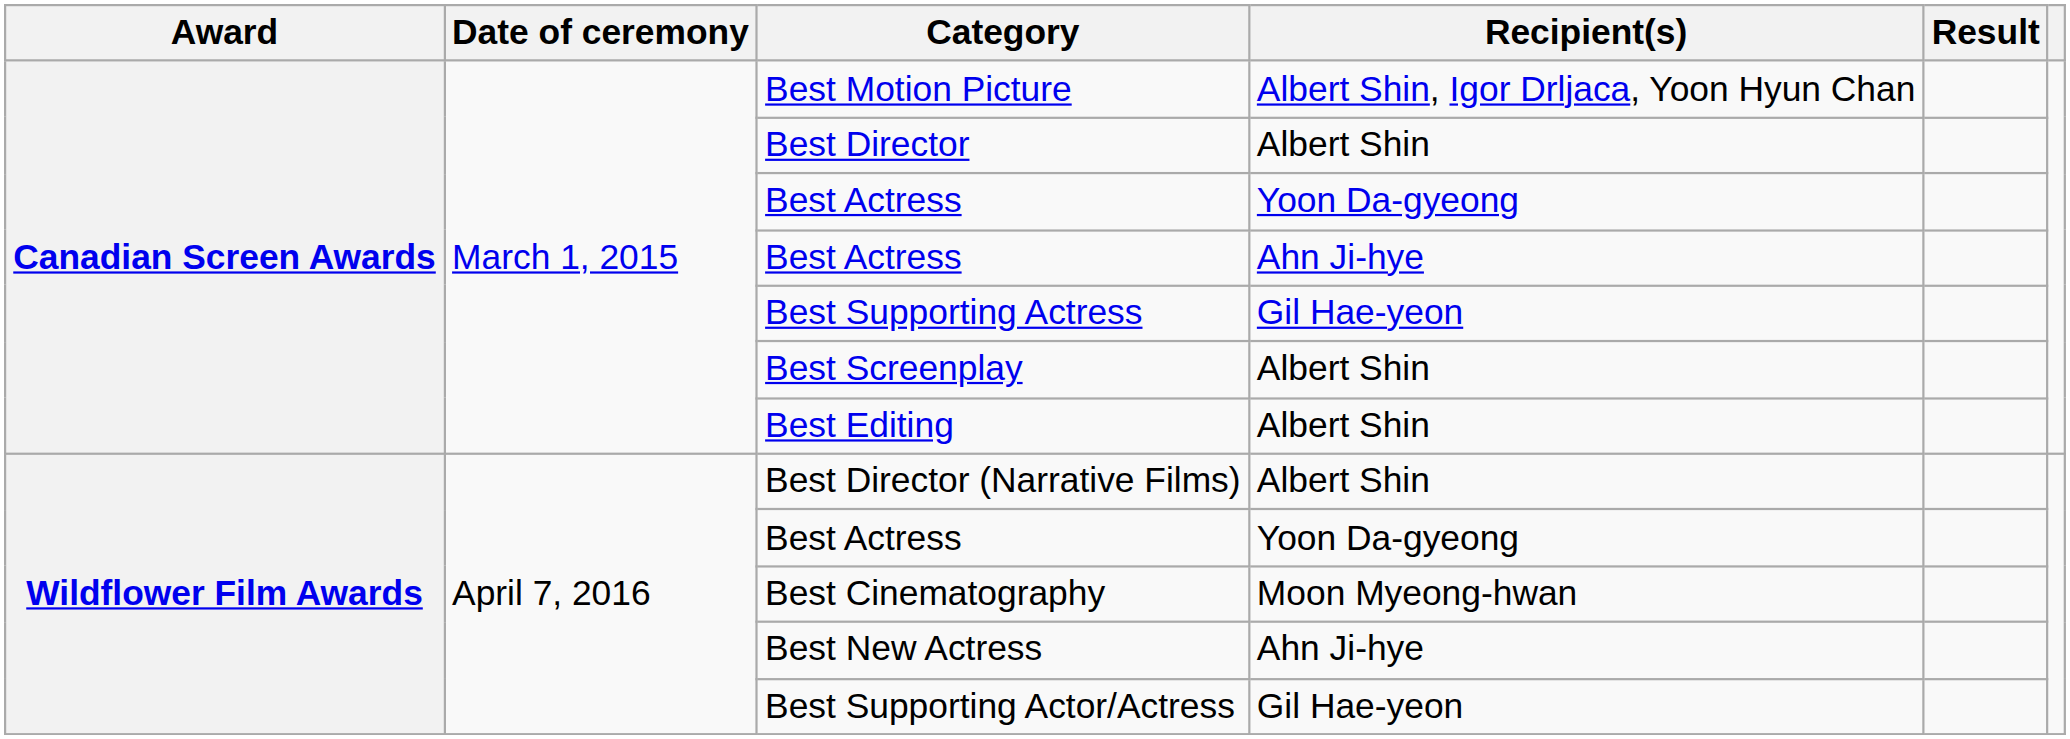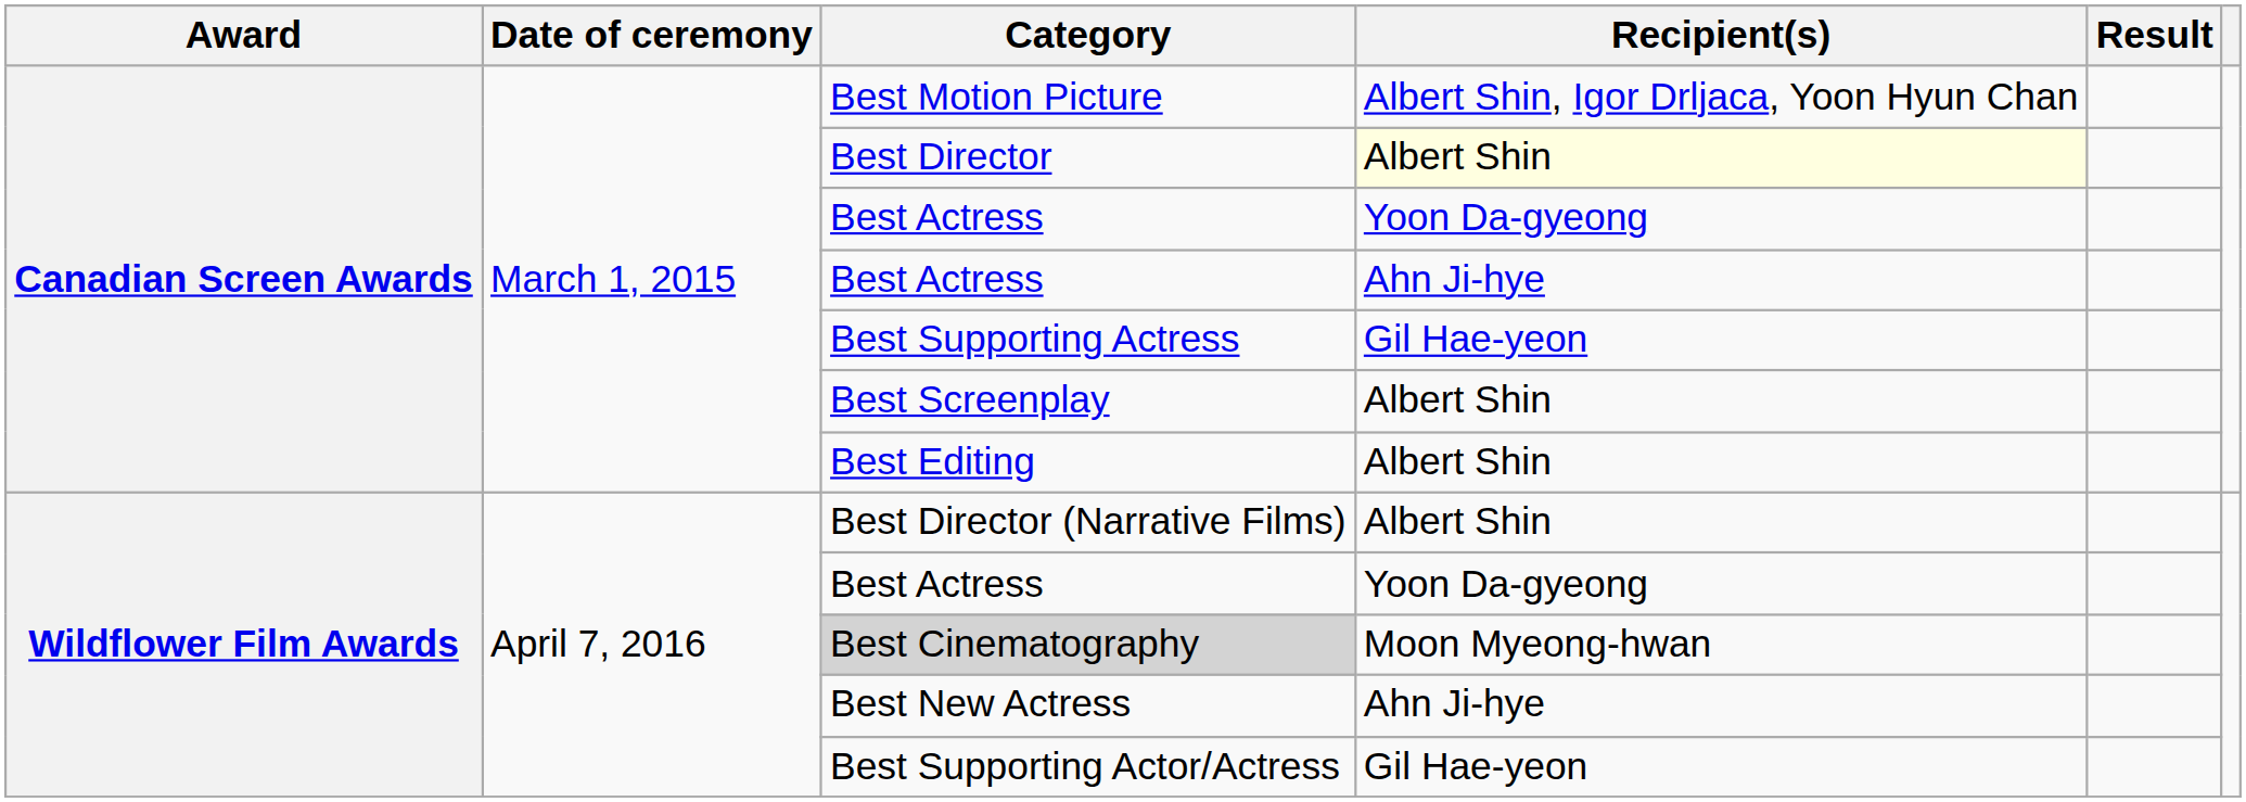 <table class="wikitable plainrowheaders sortable">
 <tr>
 <th scope="col">Award</th>
 <th scope="col">Date of ceremony</th>
 <th scope="col">Category</th>
 <th scope="col">Recipient(s)</th>
 <th scope="col">Result</th>
 <th scope="col" class="unsortable"></th>
 </tr>
 <tr>
 <th scope="row" rowspan=7><a href='#'>Canadian Screen Awards</a></th>
 <td rowspan="7"><a href='#'>March 1, 2015</a></td>
 <td><a href='#'>Best Motion Picture</a></td>
 <td><a href='#'>Albert Shin</a>, <a href='#'>Igor Drljaca</a>, Yoon Hyun Chan</td>
 <td></td>
 <td rowspan="7"></td>
 </tr>
 <tr>
 <td><a href='#'>Best Director</a></td>
-<td>Albert Shin</td>
+<td style="background: lightyellow;">Albert Shin</td>
 <td></td>
 </tr>
 <tr>
 <td><a href='#'>Best Actress</a></td>
 <td><a href='#'>Yoon Da-gyeong</a></td>
 <td></td>
 </tr>
 <tr>
 <td><a href='#'>Best Actress</a></td>
 <td><a href='#'>Ahn Ji-hye</a></td>
 <td></td>
 </tr>
 <tr>
 <td><a href='#'>Best Supporting Actress</a></td>
 <td><a href='#'>Gil Hae-yeon</a></td>
 <td></td>
 </tr>
 <tr>
 <td><a href='#'>Best Screenplay</a></td>
 <td>Albert Shin</td>
 <td></td>
 </tr>
 <tr>
 <td><a href='#'>Best Editing</a></td>
 <td>Albert Shin</td>
 <td></td>
 </tr>
 <tr>
 <th scope="row" rowspan=5><a href='#'>Wildflower Film Awards</a></th>
 <td rowspan="5">April 7, 2016</td>
 <td>Best Director (Narrative Films)</td>
 <td>Albert Shin</td>
 <td></td>
 <td rowspan="5"></td>
 </tr>
 <tr>
 <td>Best Actress</td>
 <td>Yoon Da-gyeong</td>
 <td></td>
 </tr>
 <tr>
-<td>Best Cinematography</td>
+<td style="background: lightgrey;">Best Cinematography</td>
 <td>Moon Myeong-hwan</td>
 <td></td>
 </tr>
 <tr>
 <td>Best New Actress</td>
 <td>Ahn Ji-hye</td>
 <td></td>
 </tr>
 <tr>
 <td>Best Supporting Actor/Actress</td>
 <td>Gil Hae-yeon</td>
 <td></td>
 </tr>
 <tr>
 </tr>
 </table>
